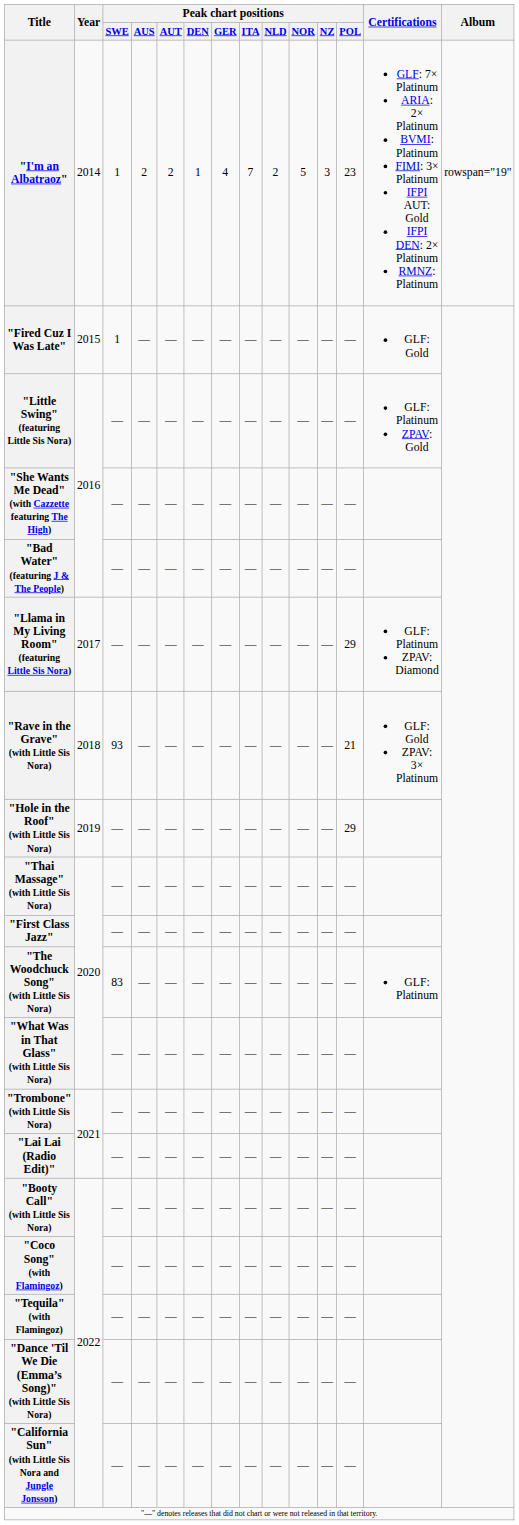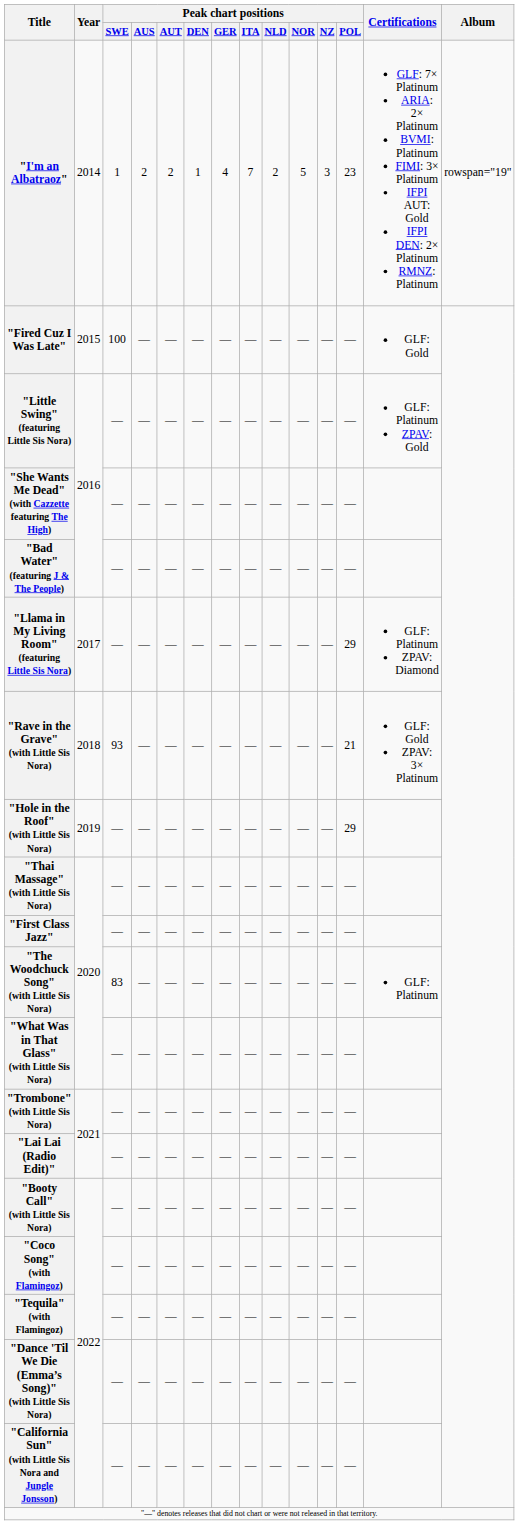 <table class="wikitable plainrowheaders" style="text-align:center;">
 <tr>
 <th scope="col" rowspan="2" style="width:16em;">Title</th>
 <th scope="col" rowspan="2">Year</th>
 <th colspan="10" scope="col">Peak chart positions</th>
 <th scope="col" rowspan="2" style="width:14em;"><a href='#'>Certifications</a></th>
 <th scope="col" rowspan="2">Album</th>
 </tr>
 <tr>
 <th scope="col" style="width:2.5em;font-size:90%;"><a href='#'>SWE</a> <br></th>
 <th scope="col" style="width:2.5em;font-size:90%;"><a href='#'>AUS</a><br></th>
 <th scope="col" style="width:2.5em;font-size:90%;"><a href='#'>AUT</a> <br></th>
 <th scope="col" style="width:2.5em;font-size:90%;"><a href='#'>DEN</a> <br></th>
 <th scope="col" style="width:2.5em; font-size:90%;"><a href='#'>GER</a> <br></th>
 <th scope="col" style="width:2.5em;font-size:90%;"><a href='#'>ITA</a> <br></th>
 <th scope="col" style="width:2.5em;font-size:90%;"><a href='#'>NLD</a> <br></th>
 <th scope="col" style="width:2.5em;font-size:90%;"><a href='#'>NOR</a> <br></th>
 <th scope="col" style="width:2.5em;font-size:90%;"><a href='#'>NZ</a> <br></th>
 <th scope="col" style="width:2.5em;font-size:90%;"><a href='#'>POL</a><br></th>
 </tr>
 <tr>
 <th scope="row">"<a href='#'>I'm an Albatraoz</a>"</th>
 <td>2014</td>
 <td>1</td>
 <td>2</td>
 <td>2</td>
 <td>1</td>
 <td>4</td>
 <td>7</td>
 <td>2</td>
 <td>5</td>
 <td>3</td>
 <td>23</td>
 <td><br><ul><li><a href='#'>GLF</a>: 7× Platinum</li><li><a href='#'>ARIA</a>: 2× Platinum</li><li><a href='#'>BVMI</a>: Platinum</li><li><a href='#'>FIMI</a>: 3× Platinum</li><li><a href='#'>IFPI</a> AUT: Gold</li><li><a href='#'>IFPI DEN</a>: 2× Platinum</li><li><a href='#'>RMNZ</a>: Platinum</li></ul></td>
 <td>rowspan="19" </td>
 </tr>
 <tr>
 <th scope="row">"Fired Cuz I Was Late"</th>
 <td>2015</td>
-<td>1</td>
+<td>100</td>
 <td>—</td>
 <td>—</td>
 <td>—</td>
 <td>—</td>
 <td>—</td>
 <td>—</td>
 <td>—</td>
 <td>—</td>
 <td>—</td>
 <td><br><ul><li>GLF: Gold</li></ul></td>
 </tr>
 <tr>
 <th scope="row">"Little Swing"<br><small>(featuring Little Sis Nora)</small></th>
 <td rowspan="3">2016</td>
 <td>—</td>
 <td>—</td>
 <td>—</td>
 <td>—</td>
 <td>—</td>
 <td>—</td>
 <td>—</td>
 <td>—</td>
 <td>—</td>
 <td>—</td>
 <td><br><ul><li>GLF: Platinum</li><li><a href='#'>ZPAV</a>: Gold</li></ul></td>
 </tr>
 <tr>
 <th scope="row">"She Wants Me Dead"<br><small>(with <a href='#'>Cazzette</a> featuring <a href='#'>The High</a>)</small></th>
 <td>—</td>
 <td>—</td>
 <td>—</td>
 <td>—</td>
 <td>—</td>
 <td>—</td>
 <td>—</td>
 <td>—</td>
 <td>—</td>
 <td>—</td>
 <td></td>
 </tr>
 <tr>
 <th scope="row">"Bad Water"<br><small>(featuring <a href='#'>J & The People</a>)</small></th>
 <td>—</td>
 <td>—</td>
 <td>—</td>
 <td>—</td>
 <td>—</td>
 <td>—</td>
 <td>—</td>
 <td>—</td>
 <td>—</td>
 <td>—</td>
 <td></td>
 </tr>
 <tr>
 <th scope="row">"Llama in My Living Room"<br><small>(featuring <a href='#'>Little Sis Nora</a>)</small></th>
 <td>2017</td>
 <td>—</td>
 <td>—</td>
 <td>—</td>
 <td>—</td>
 <td>—</td>
 <td>—</td>
 <td>—</td>
 <td>—</td>
 <td>—</td>
 <td>29</td>
 <td><br><ul><li>GLF: Platinum</li><li>ZPAV: Diamond</li></ul></td>
 </tr>
 <tr>
 <th scope="row">"Rave in the Grave"<br><small>(with Little Sis Nora)</small></th>
 <td>2018</td>
 <td>93</td>
 <td>—</td>
 <td>—</td>
 <td>—</td>
 <td>—</td>
 <td>—</td>
 <td>—</td>
 <td>—</td>
 <td>—</td>
 <td>21</td>
 <td><br><ul><li>GLF: Gold</li><li>ZPAV: 3× Platinum</li></ul></td>
 </tr>
 <tr>
 <th scope="row">"Hole in the Roof"<br><small>(with Little Sis Nora)</small></th>
 <td>2019</td>
 <td>—</td>
 <td>—</td>
 <td>—</td>
 <td>—</td>
 <td>—</td>
 <td>—</td>
 <td>—</td>
 <td>—</td>
 <td>—</td>
 <td>29</td>
 <td></td>
 </tr>
 <tr>
 <th scope="row">"Thai Massage"<br><small>(with Little Sis Nora)</small></th>
 <td rowspan="4">2020</td>
 <td>—</td>
 <td>—</td>
 <td>—</td>
 <td>—</td>
 <td>—</td>
 <td>—</td>
 <td>—</td>
 <td>—</td>
 <td>—</td>
 <td>—</td>
 <td></td>
 </tr>
 <tr>
 <th scope="row">"First Class Jazz"</th>
 <td>—</td>
 <td>—</td>
 <td>—</td>
 <td>—</td>
 <td>—</td>
 <td>—</td>
 <td>—</td>
 <td>—</td>
 <td>—</td>
 <td>—</td>
 <td></td>
 </tr>
 <tr>
 <th scope="row">"The Woodchuck Song"<br><small>(with Little Sis Nora)</small></th>
 <td>83</td>
 <td>—</td>
 <td>—</td>
 <td>—</td>
 <td>—</td>
 <td>—</td>
 <td>—</td>
 <td>—</td>
 <td>—</td>
 <td>—</td>
 <td><br><ul><li>GLF: Platinum</li></ul></td>
 </tr>
 <tr>
 <th scope="row">"What Was in That Glass"<br><small>(with Little Sis Nora)</small></th>
 <td>—</td>
 <td>—</td>
 <td>—</td>
 <td>—</td>
 <td>—</td>
 <td>—</td>
 <td>—</td>
 <td>—</td>
 <td>—</td>
 <td>—</td>
 <td></td>
 </tr>
 <tr>
 <th scope="row">"Trombone"<br><small>(with Little Sis Nora)</small></th>
 <td rowspan="2">2021</td>
 <td>—</td>
 <td>—</td>
 <td>—</td>
 <td>—</td>
 <td>—</td>
 <td>—</td>
 <td>—</td>
 <td>—</td>
 <td>—</td>
 <td>—</td>
 <td></td>
 </tr>
 <tr>
 <th scope="row">"Lai Lai (Radio Edit)"</th>
 <td>—</td>
 <td>—</td>
 <td>—</td>
 <td>—</td>
 <td>—</td>
 <td>—</td>
 <td>—</td>
 <td>—</td>
 <td>—</td>
 <td>—</td>
 <td></td>
 </tr>
 <tr>
 <th scope="row">"Booty Call"<br><small>(with Little Sis Nora)</small></th>
 <td rowspan="5">2022</td>
 <td>—</td>
 <td>—</td>
 <td>—</td>
 <td>—</td>
 <td>—</td>
 <td>—</td>
 <td>—</td>
 <td>—</td>
 <td>—</td>
 <td>—</td>
 <td></td>
 </tr>
 <tr>
 <th scope="row">"Coco Song"<br><small>(with <a href='#'>Flamingoz</a>)</small></th>
 <td>—</td>
 <td>—</td>
 <td>—</td>
 <td>—</td>
 <td>—</td>
 <td>—</td>
 <td>—</td>
 <td>—</td>
 <td>—</td>
 <td>—</td>
 <td></td>
 </tr>
 <tr>
 <th scope="row">"Tequila"<br><small>(with Flamingoz)</small></th>
 <td>—</td>
 <td>—</td>
 <td>—</td>
 <td>—</td>
 <td>—</td>
 <td>—</td>
 <td>—</td>
 <td>—</td>
 <td>—</td>
 <td>—</td>
 <td></td>
 </tr>
 <tr>
 <th scope="row">"Dance 'Til We Die (Emma’s Song)"<br><small>(with Little Sis Nora)</small></th>
 <td>—</td>
 <td>—</td>
 <td>—</td>
 <td>—</td>
 <td>—</td>
 <td>—</td>
 <td>—</td>
 <td>—</td>
 <td>—</td>
 <td>—</td>
 <td></td>
 </tr>
 <tr>
 <th scope="row">"California Sun"<br><small>(with Little Sis Nora and <a href='#'>Jungle Jonsson</a>)</small></th>
 <td>—</td>
 <td>—</td>
 <td>—</td>
 <td>—</td>
 <td>—</td>
 <td>—</td>
 <td>—</td>
 <td>—</td>
 <td>—</td>
 <td>—</td>
 <td></td>
 </tr>
 <tr>
 <td colspan="16" style="text-align:center; font-size:8pt;">"—" denotes releases that did not chart or were not released in that territory.</td>
 </tr>
 </table>
